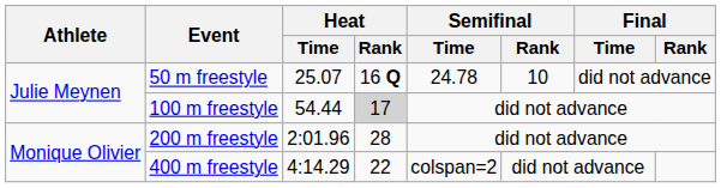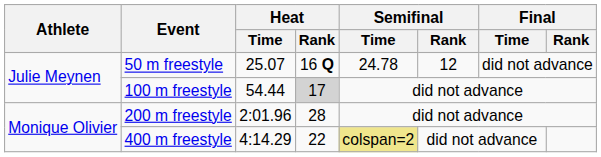 <table class="wikitable" style="text-align:center; font-size:90%">
 <tr>
 <th rowspan="2">Athlete</th>
 <th rowspan="2">Event</th>
 <th colspan="2">Heat</th>
 <th colspan="2">Semifinal</th>
 <th colspan="2">Final</th>
 </tr>
 <tr style="font-size:95%">
 <th>Time</th>
 <th>Rank</th>
 <th>Time</th>
 <th>Rank</th>
 <th>Time</th>
 <th>Rank</th>
 </tr>
 <tr>
 <td align=left rowspan=2><a href='#'>Julie Meynen</a></td>
 <td align=left><a href='#'>50 m freestyle</a></td>
 <td>25.07</td>
 <td>16 <strong>Q</strong></td>
 <td>24.78</td>
-<td>10</td>
+<td>12</td>
 <td colspan=2>did not advance</td>
 </tr>
 <tr>
 <td align=left><a href='#'>100 m freestyle</a></td>
 <td>54.44</td>
 <td style="background: lightgrey;">17</td>
 <td colspan=4>did not advance</td>
 </tr>
 <tr>
 <td align=left rowspan=2><a href='#'>Monique Olivier</a></td>
 <td align=left><a href='#'>200 m freestyle</a></td>
 <td>2:01.96</td>
 <td>28</td>
 <td colspan=4>did not advance</td>
 </tr>
 <tr>
 <td align=left><a href='#'>400 m freestyle</a></td>
 <td>4:14.29</td>
 <td>22</td>
-<td>colspan=2 </td>
+<td style="background: khaki;">colspan=2 </td>
 <td colspan=2>did not advance</td>
 </tr>
 </table>
